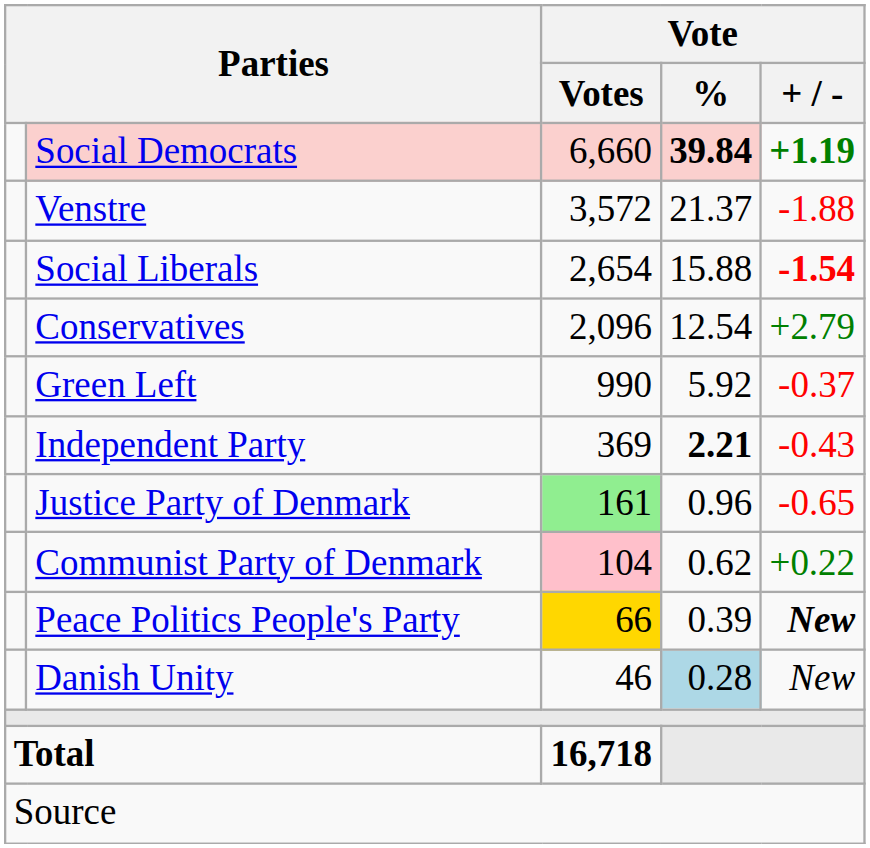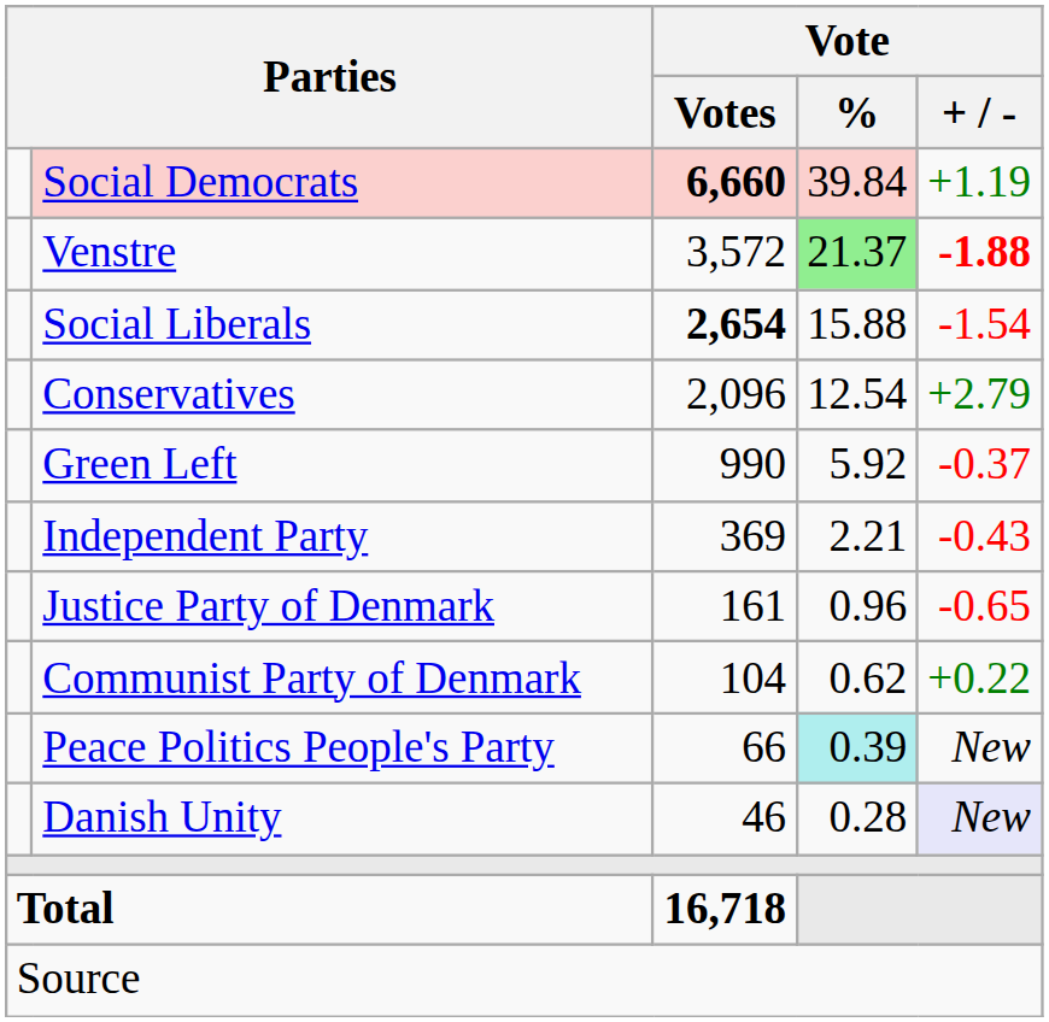 <table class="wikitable" style="text-align:right;">
 <tr>
 <th style="text-align:centre;" rowspan="2" colspan="2" width="225">Parties</th>
 <th colspan="3">Vote</th>
 </tr>
 <tr>
 <th width="15">Votes</th>
 <th width="15">%</th>
 <th width="15">+ / -</th>
 </tr>
 <tr>
 <td width="2" style="color:inherit;background:"></td>
 <td bgcolor=#fbd0ce  align="left"><a href='#'>Social Democrats</a></td>
-<td bgcolor=#fbd0ce>6,660</td>
-<td bgcolor=#fbd0ce><strong>39.84</strong></td>
-<td style=color:green;><strong>+1.19</strong></td>
+<td bgcolor=#fbd0ce><strong>6,660</strong></td>
+<td bgcolor=#fbd0ce>39.84</td>
+<td style=color:green;>+1.19</td>
 </tr>
 <tr>
 <td width="2" style="color:inherit;background:"></td>
 <td align="left"><a href='#'>Venstre</a></td>
 <td>3,572</td>
-<td>21.37</td>
-<td style=color:red;>-1.88</td>
+<td style="background: lightgreen;">21.37</td>
+<td style=color:red;><strong>-1.88</strong></td>
 </tr>
 <tr>
 <td width="2" style="color:inherit;background:"></td>
 <td align="left"><a href='#'>Social Liberals</a></td>
-<td>2,654</td>
+<td><strong>2,654</strong></td>
 <td>15.88</td>
-<td style=color:red;><strong>-1.54</strong></td>
+<td style=color:red;>-1.54</td>
 </tr>
 <tr>
 <td width="2" style="color:inherit;background:"></td>
 <td align="left"><a href='#'>Conservatives</a></td>
 <td>2,096</td>
 <td>12.54</td>
 <td style=color:green;>+2.79</td>
 </tr>
 <tr>
 <td width="2" style="color:inherit;background:"></td>
 <td align="left"><a href='#'>Green Left</a></td>
 <td>990</td>
 <td>5.92</td>
 <td style=color:red;>-0.37</td>
 </tr>
 <tr>
 <td width="2" style="color:inherit;background:"></td>
 <td align="left"><a href='#'>Independent Party</a></td>
 <td>369</td>
-<td><strong>2.21</strong></td>
+<td>2.21</td>
 <td style=color:red;>-0.43</td>
 </tr>
 <tr>
 <td width="2" style="color:inherit;background:"></td>
 <td align="left"><a href='#'>Justice Party of Denmark</a></td>
-<td style="background: lightgreen;">161</td>
+<td>161</td>
 <td>0.96</td>
 <td style=color:red;>-0.65</td>
 </tr>
 <tr>
 <td width="2" style="color:inherit;background:"></td>
 <td align="left"><a href='#'>Communist Party of Denmark</a></td>
-<td style="background: pink;">104</td>
+<td>104</td>
 <td>0.62</td>
 <td style=color:green;>+0.22</td>
 </tr>
 <tr>
 <td width="2" style="color:inherit;background:"></td>
 <td align="left"><a href='#'>Peace Politics People's Party</a></td>
-<td style="background: gold;">66</td>
-<td>0.39</td>
-<td><strong><em>New</em></strong></td>
+<td>66</td>
+<td style="background: paleturquoise;">0.39</td>
+<td><em>New</em></td>
 </tr>
 <tr>
 <td width="2" style="color:inherit;background:"></td>
 <td align="left"><a href='#'>Danish Unity</a></td>
 <td>46</td>
-<td style="background: lightblue;">0.28</td>
-<td><em>New</em></td>
+<td>0.28</td>
+<td style="background: lavender;"><em>New</em></td>
 </tr>
 <tr>
 <td colspan="7" bgcolor="#E9E9E9"></td>
 </tr>
 <tr>
 <td align="left" colspan="2"><strong>Total</strong></td>
 <td><strong>16,718</strong></td>
 <td bgcolor="#E9E9E9" colspan="2"></td>
 </tr>
 <tr>
 <td align="left" colspan="6">Source</td>
 </tr>
 </table>
